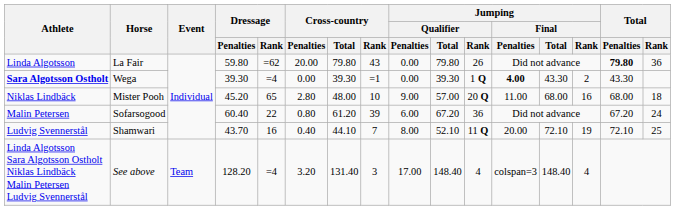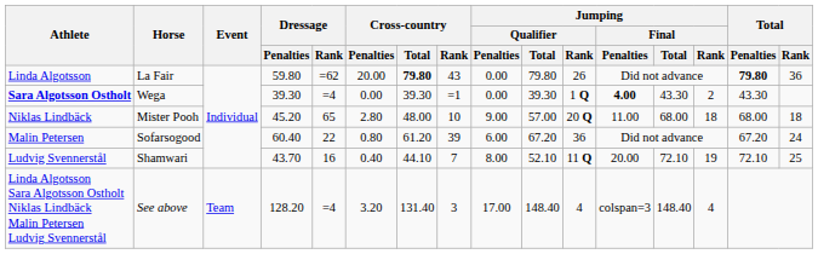 <table class=wikitable style="font-size:90%">
 <tr>
 <th rowspan="3">Athlete</th>
 <th rowspan="3">Horse</th>
 <th rowspan="3">Event</th>
 <th colspan="2" rowspan="2">Dressage</th>
 <th colspan="3" rowspan="2">Cross-country</th>
 <th colspan="6">Jumping</th>
 <th colspan="2" rowspan="2">Total</th>
 </tr>
 <tr style="font-size:95%">
 <th colspan="3">Qualifier</th>
 <th colspan="3">Final</th>
 </tr>
 <tr style="font-size:95%">
 <th>Penalties</th>
 <th>Rank</th>
 <th>Penalties</th>
 <th>Total</th>
 <th>Rank</th>
 <th>Penalties</th>
 <th>Total</th>
 <th>Rank</th>
 <th>Penalties</th>
 <th>Total</th>
 <th>Rank</th>
 <th>Penalties</th>
 <th>Rank</th>
 </tr>
 <tr align=center>
 <td align=left><a href='#'>Linda Algotsson</a></td>
 <td align=left>La Fair</td>
 <td align=left rowspan=5><a href='#'>Individual</a></td>
 <td>59.80</td>
 <td>=62</td>
 <td>20.00</td>
-<td>79.80</td>
+<td><strong>79.80</strong></td>
 <td>43</td>
 <td>0.00</td>
 <td>79.80</td>
 <td>26</td>
 <td colspan=3>Did not advance</td>
 <td><strong>79.80</strong></td>
 <td>36</td>
 </tr>
 <tr align=center>
 <td align=left><strong><a href='#'>Sara Algotsson Ostholt</a></strong></td>
 <td align=left>Wega</td>
 <td>39.30</td>
 <td>=4</td>
 <td>0.00</td>
 <td>39.30</td>
 <td>=1</td>
 <td>0.00</td>
 <td>39.30</td>
 <td>1 <strong>Q</strong></td>
 <td><strong>4.00</strong></td>
 <td>43.30</td>
 <td>2</td>
 <td>43.30</td>
 <td></td>
 </tr>
 <tr align=center>
 <td align=left><a href='#'>Niklas Lindbäck</a></td>
 <td align=left>Mister Pooh</td>
 <td>45.20</td>
 <td>65</td>
 <td>2.80</td>
 <td>48.00</td>
 <td>10</td>
 <td>9.00</td>
 <td>57.00</td>
 <td>20 <strong>Q</strong></td>
 <td>11.00</td>
 <td>68.00</td>
-<td>16</td>
+<td>18</td>
 <td>68.00</td>
 <td>18</td>
 </tr>
 <tr align=center>
 <td align=left><a href='#'>Malin Petersen</a></td>
 <td align=left>Sofarsogood</td>
 <td>60.40</td>
 <td>22</td>
 <td>0.80</td>
 <td>61.20</td>
 <td>39</td>
 <td>6.00</td>
 <td>67.20</td>
 <td>36</td>
 <td colspan=3>Did not advance</td>
 <td>67.20</td>
 <td>24</td>
 </tr>
 <tr align=center>
 <td align=left><a href='#'>Ludvig Svennerstål</a></td>
 <td align=left>Shamwari</td>
 <td>43.70</td>
 <td>16</td>
 <td>0.40</td>
 <td>44.10</td>
 <td>7</td>
 <td>8.00</td>
 <td>52.10</td>
 <td>11 <strong>Q</strong></td>
 <td>20.00</td>
 <td>72.10</td>
 <td>19</td>
 <td>72.10</td>
 <td>25</td>
 </tr>
 <tr align=center>
 <td align=left><a href='#'>Linda Algotsson</a><br><a href='#'>Sara Algotsson Ostholt</a><br><a href='#'>Niklas Lindbäck</a><br><a href='#'>Malin Petersen</a><br><a href='#'>Ludvig Svennerstål</a></td>
 <td align=left><em>See above</em></td>
 <td align=left><a href='#'>Team</a></td>
 <td>128.20</td>
 <td>=4</td>
 <td>3.20</td>
 <td>131.40</td>
 <td>3</td>
 <td>17.00</td>
 <td>148.40</td>
 <td>4</td>
 <td>colspan=3 </td>
 <td>148.40</td>
 <td>4</td>
 </tr>
 </table>
